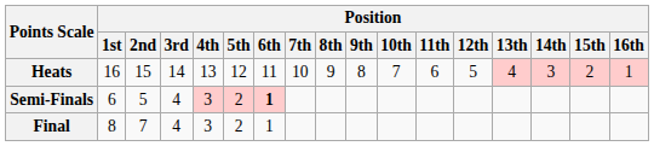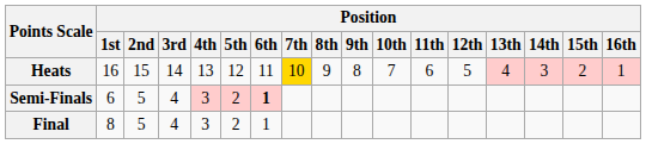 <table class="wikitable" style="font-size:85%; text-align:center">
 <tr style="background:#f9f9f9">
 <th rowspan="2">Points Scale</th>
 <th colspan="28">Position</th>
 </tr>
 <tr>
 <th>1st</th>
 <th>2nd</th>
 <th>3rd</th>
 <th>4th</th>
 <th>5th</th>
 <th>6th</th>
 <th>7th</th>
 <th>8th</th>
 <th>9th</th>
 <th>10th</th>
 <th>11th</th>
 <th>12th</th>
 <th>13th</th>
 <th>14th</th>
 <th>15th</th>
 <th>16th</th>
 </tr>
 <tr>
 <th>Heats</th>
 <td>16</td>
 <td>15</td>
 <td>14</td>
 <td>13</td>
 <td>12</td>
 <td>11</td>
-<td>10</td>
+<td style="background: gold;">10</td>
 <td>9</td>
 <td>8</td>
 <td>7</td>
 <td>6</td>
 <td>5</td>
 <td style="background:#ffcccc;">4</td>
 <td style="background:#ffcccc;">3</td>
 <td style="background:#ffcccc;">2</td>
 <td style="background:#ffcccc;">1</td>
 </tr>
 <tr>
 <th>Semi-Finals</th>
 <td>6</td>
 <td>5</td>
 <td>4</td>
 <td style="background:#ffcccc;">3</td>
 <td style="background:#ffcccc;">2</td>
 <td style="background:#ffcccc;"><strong>1</strong></td>
 <td></td>
 <td></td>
 <td></td>
 <td></td>
 <td></td>
 <td></td>
 <td></td>
 <td></td>
 <td></td>
 <td></td>
 </tr>
 <tr>
 <th>Final</th>
 <td>8</td>
-<td>7</td>
+<td>5</td>
 <td>4</td>
 <td>3</td>
 <td>2</td>
 <td>1</td>
 <td></td>
 <td></td>
 <td></td>
 <td></td>
 <td></td>
 <td></td>
 <td></td>
 <td></td>
 <td></td>
 <td></td>
 </tr>
 </table>
